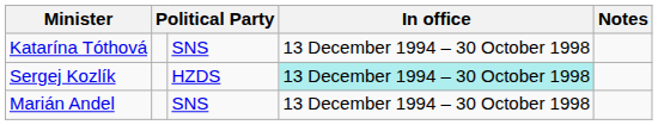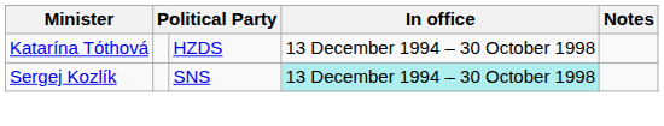 <table class="wikitable">
 <tr>
 <th>Minister</th>
 <th colspan="2">Political Party</th>
 <th>In office</th>
 <th>Notes</th>
 </tr>
 <tr>
 <td><a href='#'>Katarína Tóthová</a></td>
 <td style="background-color: "></td>
-<td><a href='#'>SNS</a></td>
+<td><a href='#'>HZDS</a></td>
 <td>13 December 1994 – 30 October 1998</td>
 <td></td>
 </tr>
 <tr>
 <td><a href='#'>Sergej Kozlík</a></td>
 <td style="background-color: "></td>
-<td><a href='#'>HZDS</a></td>
+<td><a href='#'>SNS</a></td>
 <td style="background: paleturquoise;">13 December 1994 – 30 October 1998</td>
 <td></td>
 </tr>
-<tr>
-<td><a href='#'>Marián Andel</a></td>
-<td style="background-color: "></td>
-<td><a href='#'>SNS</a></td>
-<td>13 December 1994 – 30 October 1998</td>
-<td></td>
-</tr>
 </table>
